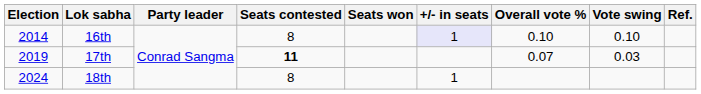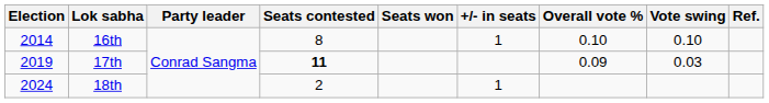 <table class="wikitable" style="text-align:center">
 <tr>
 <th style="background-color:">Election</th>
 <th style="background-color:">Lok sabha</th>
 <th style="background-color:">Party leader</th>
 <th style="background-color:">Seats contested</th>
 <th style="background-color:">Seats won</th>
 <th style="background-color:">+/- in seats</th>
 <th style="background-color:">Overall vote %</th>
 <th style="background-color:">Vote swing</th>
 <th style="background-color:">Ref.</th>
 </tr>
 <tr>
 <td><a href='#'>2014</a></td>
 <td><a href='#'>16th</a></td>
 <td rowspan=3><a href='#'>Conrad Sangma</a></td>
 <td>8</td>
 <td></td>
-<td style="background: lavender;"> 1</td>
+<td> 1</td>
 <td>0.10</td>
 <td> 0.10</td>
 <td></td>
 </tr>
 <tr>
 <td><a href='#'>2019</a></td>
 <td><a href='#'>17th</a></td>
 <td><strong>11</strong></td>
 <td></td>
 <td></td>
-<td>0.07</td>
+<td>0.09</td>
 <td> 0.03</td>
 <td></td>
 </tr>
 <tr>
 <td><a href='#'>2024</a></td>
 <td><a href='#'>18th</a></td>
-<td>8</td>
+<td>2</td>
 <td></td>
 <td>1</td>
 <td></td>
 <td></td>
 <td></td>
 </tr>
 </table>
